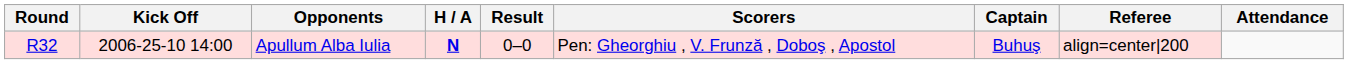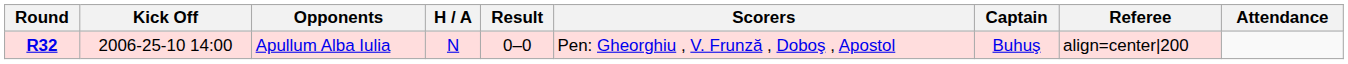 <table class="wikitable" style="width:100%;">
 <tr style="background:#f0f6ff;">
 <th>Round</th>
 <th>Kick Off</th>
 <th>Opponents</th>
 <th>H / A</th>
 <th>Result</th>
 <th>Scorers</th>
 <th>Captain</th>
 <th>Referee</th>
 <th>Attendance</th>
 </tr>
 <tr bgcolor="#ffdddd">
-<td align=center><a href='#'>R32</a></td>
+<td align=center><strong><a href='#'>R32</a></strong></td>
 <td align=center>2006-25-10 14:00</td>
 <td><a href='#'>Apullum Alba Iulia</a></td>
-<td align=center><strong><a href='#'>N</a></strong></td>
+<td align=center><a href='#'>N</a></td>
 <td align=center>0–0</td>
 <td align=left>Pen: <a href='#'>Gheorghiu</a> , <a href='#'>V. Frunză</a> , <a href='#'>Doboş</a> , <a href='#'>Apostol</a> </td>
 <td align=center><a href='#'>Buhuş</a></td>
 <td Horea Abrudan>align=center|200</td>
 </tr>
 </table>
